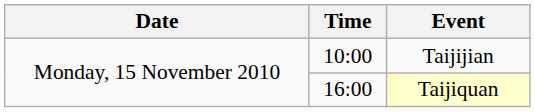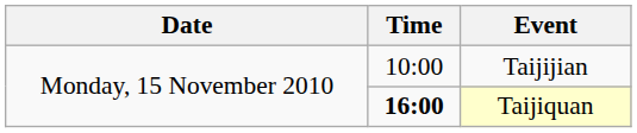 <table class = "wikitable" style="text-align:center;">
 <tr>
 <th width=220>Date</th>
 <th width=50>Time</th>
 <th width=100>Event</th>
 </tr>
 <tr>
 <td rowspan=2>Monday, 15 November 2010</td>
 <td>10:00</td>
 <td>Taijijian</td>
 </tr>
 <tr>
-<td>16:00</td>
+<td><strong>16:00</strong></td>
 <td bgcolor=ffffcc>Taijiquan</td>
 </tr>
 </table>
